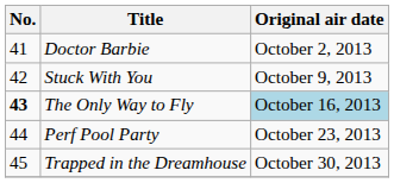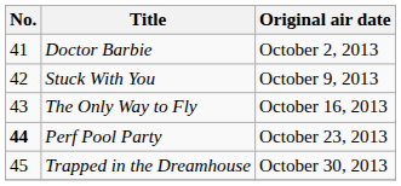 <table class="wikitable">
 <tr>
 <th>No.</th>
 <th>Title</th>
 <th>Original air date</th>
 </tr>
 <tr>
 <td>41</td>
 <td><em>Doctor Barbie</em></td>
 <td>October 2, 2013</td>
 </tr>
 <tr>
 <td>42</td>
 <td><em>Stuck With You</em></td>
 <td>October 9, 2013</td>
 </tr>
 <tr>
-<td><strong>43</strong></td>
+<td>43</td>
 <td><em>The Only Way to Fly</em></td>
-<td style="background: lightblue;">October 16, 2013</td>
+<td>October 16, 2013</td>
 </tr>
 <tr>
-<td>44</td>
+<td><strong>44</strong></td>
 <td><em>Perf Pool Party</em></td>
 <td>October 23, 2013</td>
 </tr>
 <tr>
 <td>45</td>
 <td><em>Trapped in the Dreamhouse</em></td>
 <td>October 30, 2013</td>
 </tr>
 <tr>
 </tr>
 </table>
